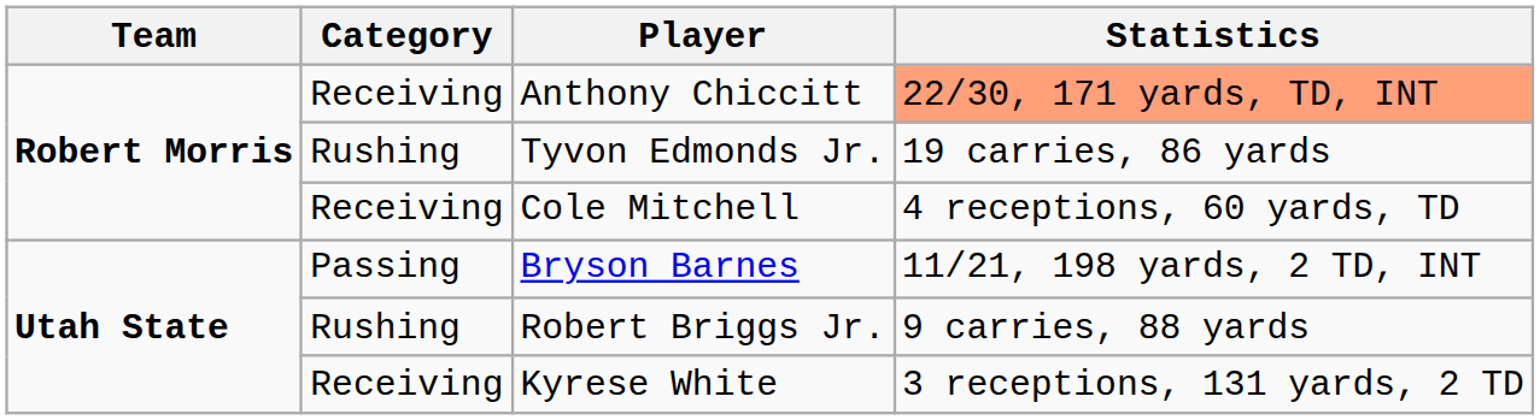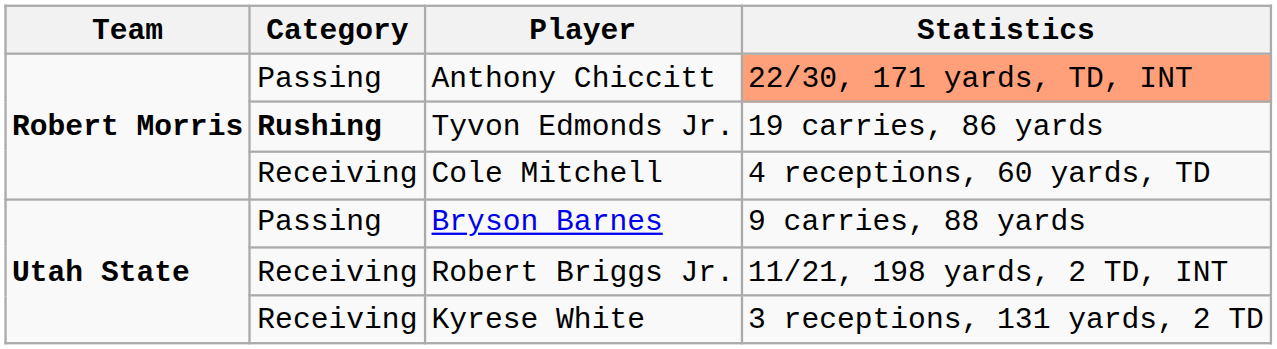 <table class="wikitable" style="float: right;">
 <tr>
 <th>Team</th>
 <th>Category</th>
 <th>Player</th>
 <th>Statistics</th>
 </tr>
 <tr>
 <td rowspan=3><strong>Robert Morris</strong></td>
-<td>Receiving</td>
+<td>Passing</td>
 <td>Anthony Chiccitt</td>
 <td style="background: lightsalmon;">22/30, 171 yards, TD, INT</td>
 </tr>
 <tr>
-<td>Rushing</td>
+<td><strong>Rushing</strong></td>
 <td>Tyvon Edmonds Jr.</td>
 <td>19 carries, 86 yards</td>
 </tr>
 <tr>
 <td>Receiving</td>
 <td>Cole Mitchell</td>
 <td>4 receptions, 60 yards, TD</td>
 </tr>
 <tr>
 <td rowspan=3><strong>Utah State</strong></td>
 <td>Passing</td>
 <td><a href='#'>Bryson Barnes</a></td>
-<td>11/21, 198 yards, 2 TD, INT</td>
+<td>9 carries, 88 yards</td>
 </tr>
 <tr>
-<td>Rushing</td>
+<td>Receiving</td>
 <td>Robert Briggs Jr.</td>
-<td>9 carries, 88 yards</td>
+<td>11/21, 198 yards, 2 TD, INT</td>
 </tr>
 <tr>
 <td>Receiving</td>
 <td>Kyrese White</td>
 <td>3 receptions, 131 yards, 2 TD</td>
 </tr>
 </table>
